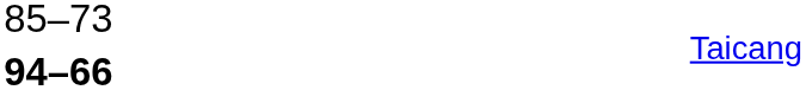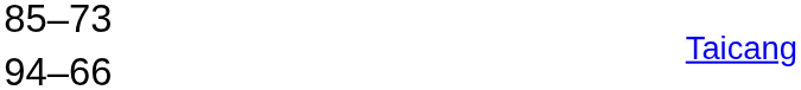 <table style="text-align:center">
 <tr>
 <th width=200></th>
 <th width=100></th>
 <th width=200></th>
 <th></th>
 </tr>
 <tr>
 <td align=right><strong></strong></td>
 <td>85–73</td>
 <td align=left></td>
 <td align=left rowspan=2><small><a href='#'>Taicang</a></small></td>
 </tr>
 <tr>
 <td align=right><strong></strong></td>
-<td><strong>94–66</strong></td>
+<td>94–66</td>
 <td align=left></td>
 </tr>
 </table>
